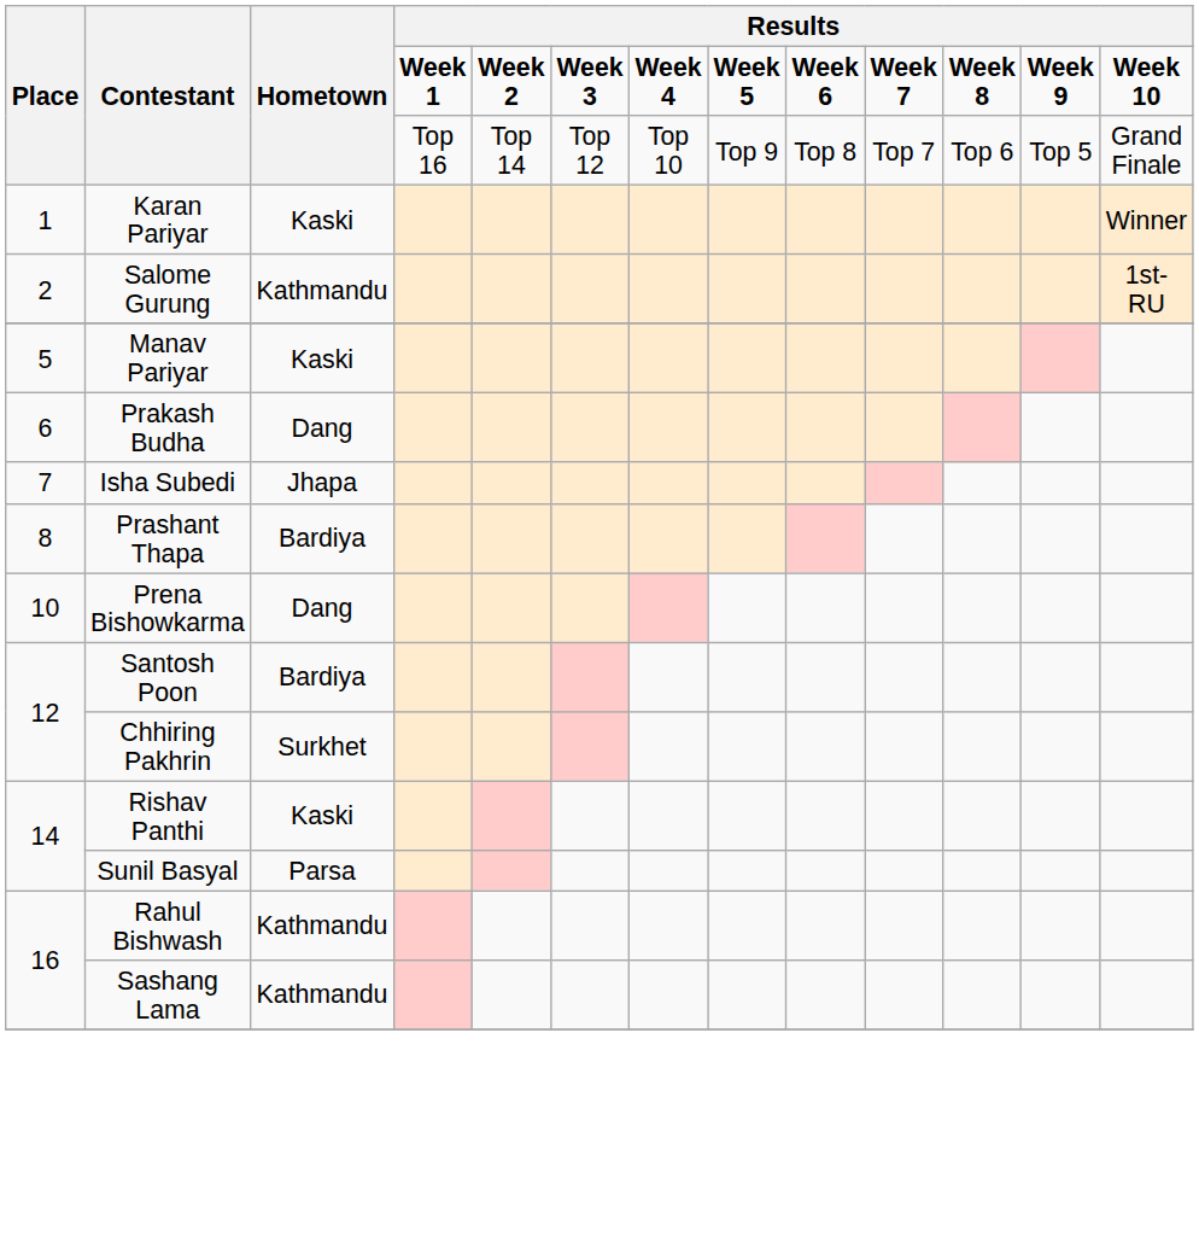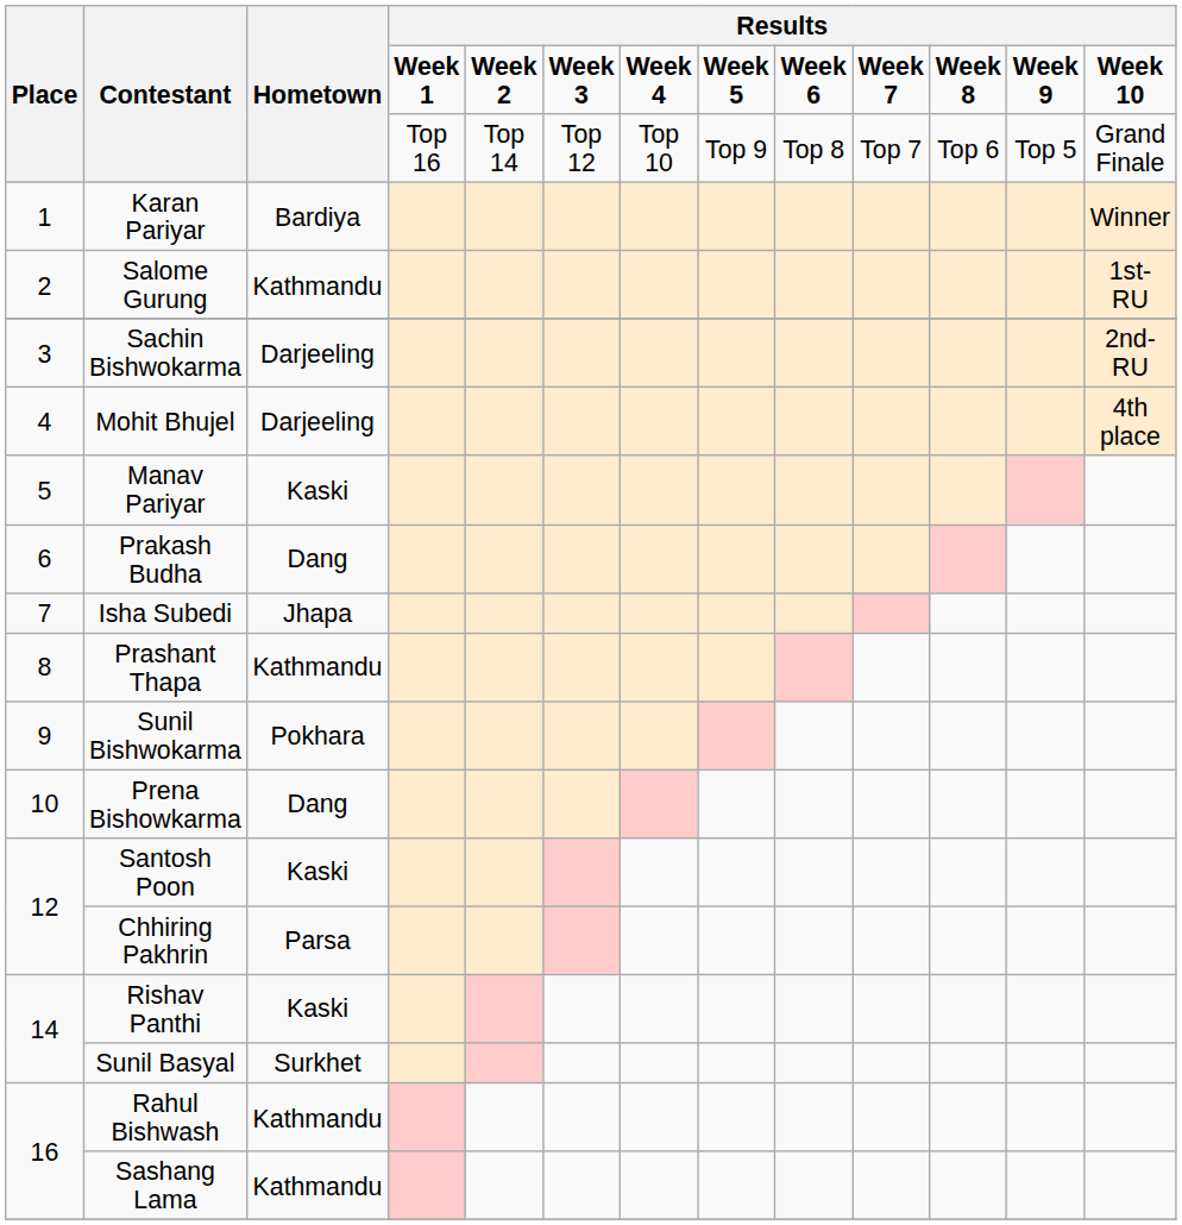 <table class="wikitable" style="text-align:center; font-size:95%; width:95%; margin:1em auto">
 <tr>
 <th rowspan="3" style="width:30px">Place</th>
 <th rowspan="3" style="width:120px">Contestant</th>
 <th rowspan="3">Hometown</th>
 <th colspan="10">Results</th>
 </tr>
 <tr>
 <td><strong>Week 1</strong></td>
 <td><strong>Week 2</strong></td>
 <td><strong>Week 3</strong></td>
 <td><strong>Week 4</strong></td>
 <td><strong>Week 5</strong></td>
 <td><strong>Week 6</strong></td>
 <td><strong>Week 7</strong></td>
 <td><strong>Week 8</strong></td>
 <td><strong>Week 9</strong></td>
 <td><strong>Week 10</strong></td>
 </tr>
 <tr>
 <td>Top 16</td>
 <td>Top 14</td>
 <td>Top 12</td>
 <td>Top 10</td>
 <td>Top 9</td>
 <td>Top 8</td>
 <td>Top 7</td>
 <td>Top 6</td>
 <td>Top 5</td>
 <td>Grand Finale</td>
 </tr>
 <tr>
 <td>1</td>
 <td>Karan Pariyar</td>
-<td>Kaski</td>
+<td>Bardiya</td>
 <td style="background:#FFEBCD;"></td>
 <td style="background:#FFEBCD;"></td>
 <td style="background:#FFEBCD;"></td>
 <td style="background:#FFEBCD;"></td>
 <td style="background:#FFEBCD;"></td>
 <td style="background:#FFEBCD;"></td>
 <td style="background:#FFEBCD;"></td>
 <td style="background:#FFEBCD;"></td>
 <td style="background:#FFEBCD;"></td>
 <td style="background:#FFEBCD;">Winner</td>
 </tr>
 <tr>
 <td>2</td>
 <td>Salome Gurung</td>
 <td>Kathmandu</td>
 <td style="background:#FFEBCD;"></td>
 <td style="background:#FFEBCD;"></td>
 <td style="background:#FFEBCD;"></td>
 <td style="background:#FFEBCD;"></td>
 <td style="background:#FFEBCD;"></td>
 <td style="background:#FFEBCD;"></td>
 <td style="background:#FFEBCD;"></td>
 <td style="background:#FFEBCD;"></td>
 <td style="background:#FFEBCD;"></td>
 <td style="background:#FFEBCD;">1st- RU</td>
 </tr>
 <tr>
+</tr>
+<tr>
+<td>3</td>
+<td>Sachin Bishwokarma</td>
+<td>Darjeeling</td>
+<td style="background:#FFEBCD;"></td>
+<td style="background:#FFEBCD;"></td>
+<td style="background:#FFEBCD;"></td>
+<td style="background:#FFEBCD;"></td>
+<td style="background:#FFEBCD;"></td>
+<td style="background:#FFEBCD;"></td>
+<td style="background:#FFEBCD;"></td>
+<td style="background:#FFEBCD;"></td>
+<td style="background:#FFEBCD;"></td>
+<td style="background:#FFEBCD;">2nd- RU</td>
+</tr>
+<tr>
+<td>4</td>
+<td>Mohit Bhujel</td>
+<td>Darjeeling</td>
+<td style="background:#FFEBCD;"></td>
+<td style="background:#FFEBCD;"></td>
+<td style="background:#FFEBCD;"></td>
+<td style="background:#FFEBCD;"></td>
+<td style="background:#FFEBCD;"></td>
+<td style="background:#FFEBCD;"></td>
+<td style="background:#FFEBCD;"></td>
+<td style="background:#FFEBCD;"></td>
+<td style="background:#FFEBCD;"></td>
+<td style="background:#FFEBCD;">4th place</td>
 </tr>
 <tr>
 <td>5</td>
 <td>Manav Pariyar</td>
 <td>Kaski</td>
 <td style="background:#FFEBCD;"></td>
 <td style="background:#FFEBCD;"></td>
 <td style="background:#FFEBCD;"></td>
 <td style="background:#FFEBCD;"></td>
 <td style="background:#FFEBCD;"></td>
 <td style="background:#FFEBCD;"></td>
 <td style="background:#FFEBCD;"></td>
 <td style="background:#FFEBCD;"></td>
 <td style="background:#FFCCCB "></td>
 <td></td>
 </tr>
 <tr>
 <td>6</td>
 <td>Prakash Budha</td>
 <td>Dang</td>
 <td style="background:#FFEBCD;"></td>
 <td style="background:#FFEBCD;"></td>
 <td style="background:#FFEBCD;"></td>
 <td style="background:#FFEBCD;"></td>
 <td style="background:#FFEBCD;"></td>
 <td style="background:#FFEBCD;"></td>
 <td style="background:#FFEBCD;"></td>
 <td style="background:#FFCCCB"></td>
 <td></td>
 <td></td>
 </tr>
 <tr>
 <td>7</td>
 <td>Isha Subedi</td>
 <td>Jhapa</td>
 <td style="background:#FFEBCD;"></td>
 <td style="background:#FFEBCD;"></td>
 <td style="background:#FFEBCD;"></td>
 <td style="background:#FFEBCD;"></td>
 <td style="background:#FFEBCD;"></td>
 <td style="background:#FFEBCD;"></td>
 <td style="background: #FFCCCB"></td>
 <td></td>
 <td></td>
 <td></td>
 </tr>
 <tr>
 <td>8</td>
 <td>Prashant Thapa</td>
-<td>Bardiya</td>
+<td>Kathmandu</td>
 <td style="background:#FFEBCD;"></td>
 <td style="background:#FFEBCD;"></td>
 <td style="background:#FFEBCD;"></td>
 <td style="background:#FFEBCD;"></td>
 <td style="background:#FFEBCD;"></td>
 <td style="background: #FFCCCB"></td>
+<td></td>
+<td></td>
+<td></td>
+<td></td>
+</tr>
+<tr>
+<td>9</td>
+<td>Sunil Bishwokarma</td>
+<td>Pokhara</td>
+<td style="background:#FFEBCD;"></td>
+<td style="background:#FFEBCD;"></td>
+<td style="background:#FFEBCD;"></td>
+<td style="background:#FFEBCD;"></td>
+<td style="background: #FFCCCB"></td>
+<td></td>
 <td></td>
 <td></td>
 <td></td>
 <td></td>
 </tr>
 <tr>
 <td>10</td>
 <td>Prena Bishowkarma</td>
 <td>Dang</td>
 <td style="background:#FFEBCD;"></td>
 <td style="background:#FFEBCD;"></td>
 <td style="background:#FFEBCD;"></td>
 <td style="background: #FFCCCB"></td>
 <td></td>
 <td></td>
 <td></td>
 <td></td>
 <td></td>
 <td></td>
 </tr>
 <tr>
 <td rowspan="2">12</td>
 <td>Santosh Poon</td>
-<td>Bardiya</td>
+<td>Kaski</td>
 <td style="background:#FFEBCD;"></td>
 <td style="background:#FFEBCD;"></td>
 <td style="background: #FFCCCB"></td>
 <td></td>
 <td></td>
 <td></td>
 <td></td>
 <td></td>
 <td></td>
 <td></td>
 </tr>
 <tr>
 <td>Chhiring Pakhrin</td>
-<td>Surkhet</td>
+<td>Parsa</td>
 <td style="background:#FFEBCD;"></td>
 <td style="background:#FFEBCD;"></td>
 <td style="background: #FFCCCB"></td>
 <td></td>
 <td></td>
 <td></td>
 <td></td>
 <td></td>
 <td></td>
 <td></td>
 </tr>
 <tr>
 <td rowspan="2">14</td>
 <td>Rishav Panthi</td>
 <td>Kaski</td>
 <td style="background:#FFEBCD;"></td>
 <td style="background: #FFCCCB"></td>
 <td></td>
 <td></td>
 <td></td>
 <td></td>
 <td></td>
 <td></td>
 <td></td>
 <td></td>
 </tr>
 <tr>
 <td>Sunil Basyal</td>
-<td>Parsa</td>
+<td>Surkhet</td>
 <td style="background:#FFEBCD;"></td>
 <td style="background: #FFCCCB"></td>
 <td></td>
 <td></td>
 <td></td>
 <td></td>
 <td></td>
 <td></td>
 <td></td>
 <td></td>
 </tr>
 <tr>
 <td rowspan="2">16</td>
 <td>Rahul Bishwash</td>
 <td>Kathmandu</td>
 <td style="background: #FFCCCB"></td>
 <td></td>
 <td></td>
 <td></td>
 <td></td>
 <td></td>
 <td></td>
 <td></td>
 <td></td>
 <td></td>
 </tr>
 <tr>
 <td>Sashang Lama</td>
 <td>Kathmandu</td>
 <td style="background: #FFCCCB"></td>
 <td></td>
 <td></td>
 <td></td>
 <td></td>
 <td></td>
 <td></td>
 <td></td>
 <td></td>
 <td></td>
 </tr>
 <tr>
 </tr>
 </table>
